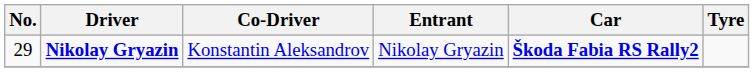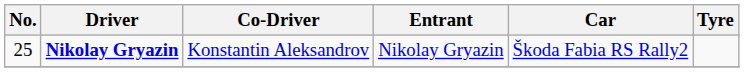 <table class="wikitable" style="font-size: 85%;">
 <tr>
 <th>No.</th>
 <th>Driver</th>
 <th>Co-Driver</th>
 <th>Entrant</th>
 <th>Car</th>
 <th>Tyre</th>
 </tr>
 <tr>
-<td align="center">29</td>
+<td align="center">25</td>
 <td><strong> <a href='#'>Nikolay Gryazin</a></strong></td>
 <td> <a href='#'>Konstantin Aleksandrov</a></td>
 <td> <a href='#'>Nikolay Gryazin</a></td>
-<td><strong><a href='#'>Škoda Fabia RS Rally2</a></strong></td>
+<td><a href='#'>Škoda Fabia RS Rally2</a></td>
 <td align="center"></td>
 </tr>
 <tr>
 </tr>
 </table>
